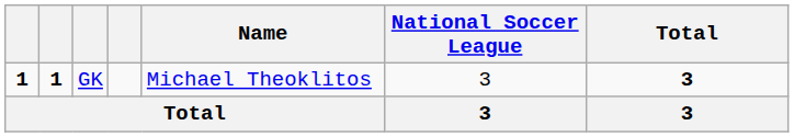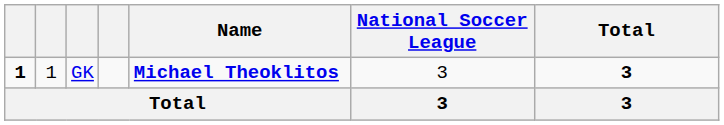 <table class="wikitable" style="text-align:center">
 <tr>
 <th width=15></th>
 <th width=15></th>
 <th width=15></th>
 <th width=15></th>
 <th width=145>Name</th>
 <th width=120><a href='#'>National Soccer League</a></th>
 <th width=120>Total</th>
 </tr>
 <tr>
 <td><strong>1</strong></td>
-<td><strong>1</strong></td>
+<td>1</td>
 <td><a href='#'>GK</a></td>
 <td></td>
-<td align=left><a href='#'>Michael Theoklitos</a></td>
+<td align=left><strong><a href='#'>Michael Theoklitos</a></strong></td>
 <td>3</td>
 <td><strong>3</strong></td>
 </tr>
 <tr>
 <th colspan="5"><strong>Total</strong></th>
 <th>3</th>
 <th>3</th>
 </tr>
 </table>
